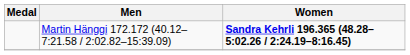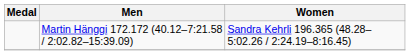 <table class="wikitable">
 <tr>
 <th>Medal</th>
 <th>Men</th>
 <th>Women</th>
 </tr>
 <tr>
 <td></td>
 <td><a href='#'>Martin Hänggi</a> 172.172 (40.12–7:21.58 / 2:02.82–15:39.09)</td>
-<td><strong><a href='#'>Sandra Kehrli</a> 196.365 (48.28–5:02.26 / 2:24.19–8:16.45)</strong></td>
+<td><a href='#'>Sandra Kehrli</a> 196.365 (48.28–5:02.26 / 2:24.19–8:16.45)</td>
 </tr>
 <tr>
 </tr>
 </table>
